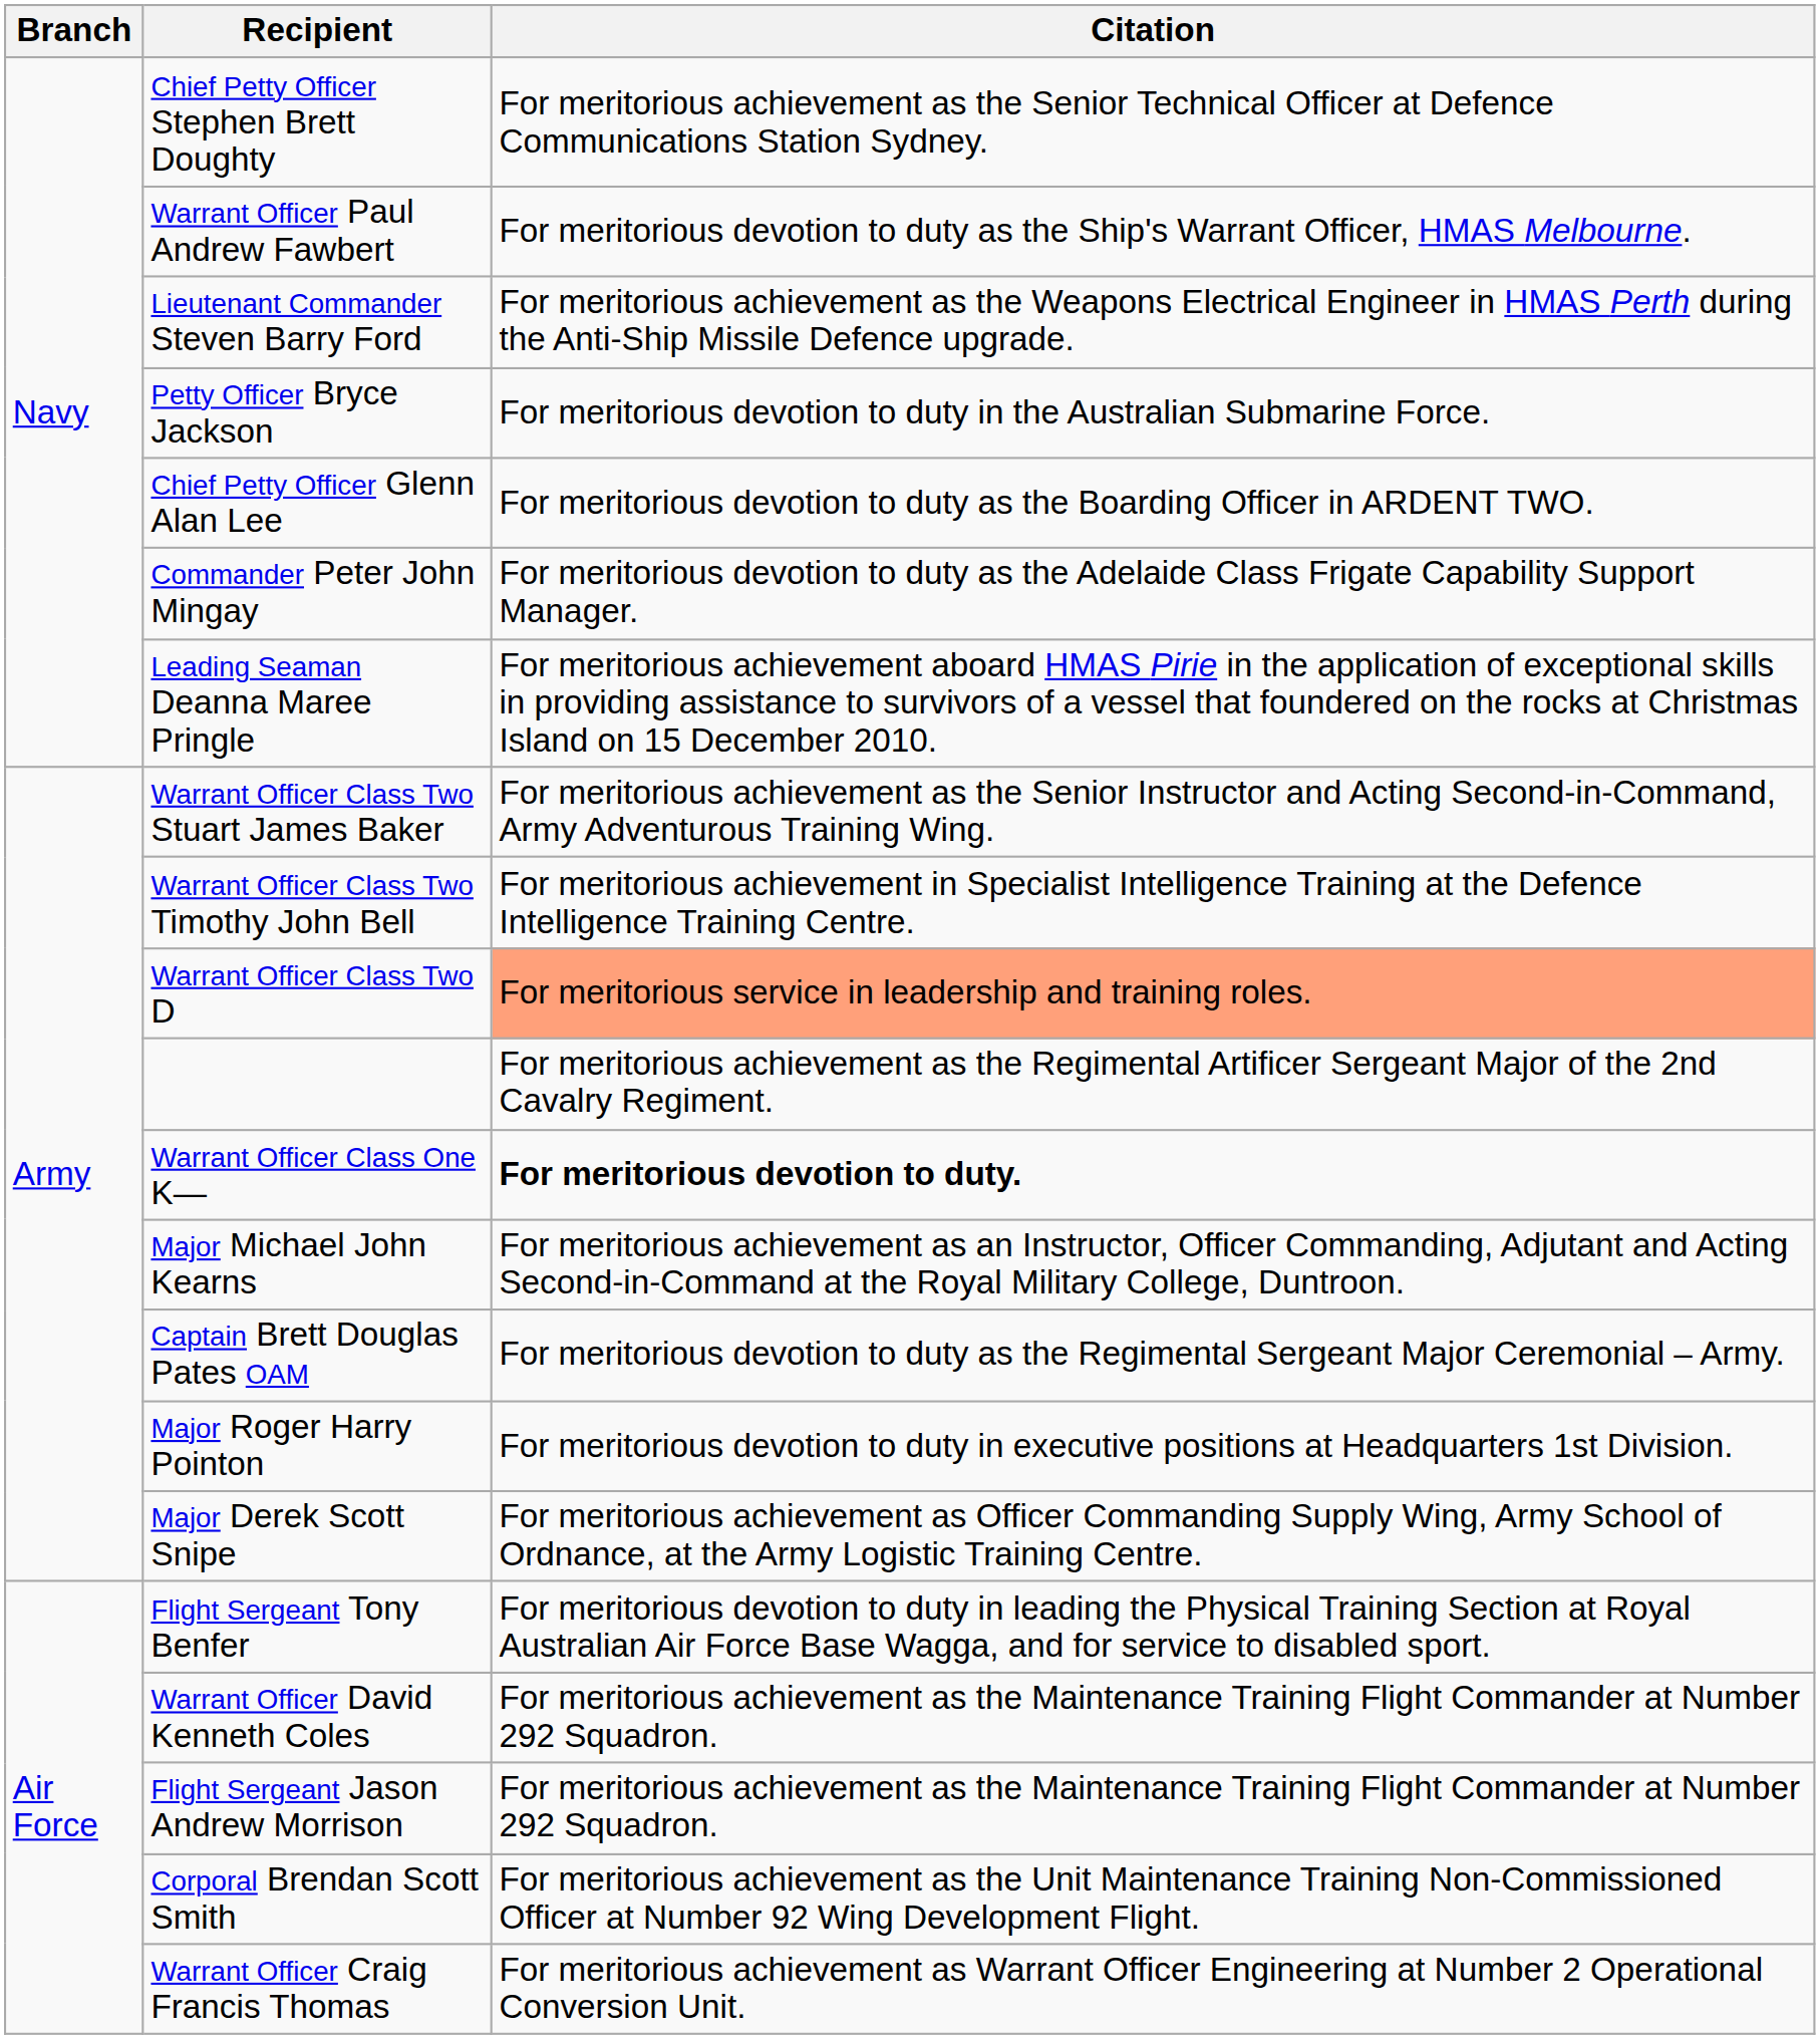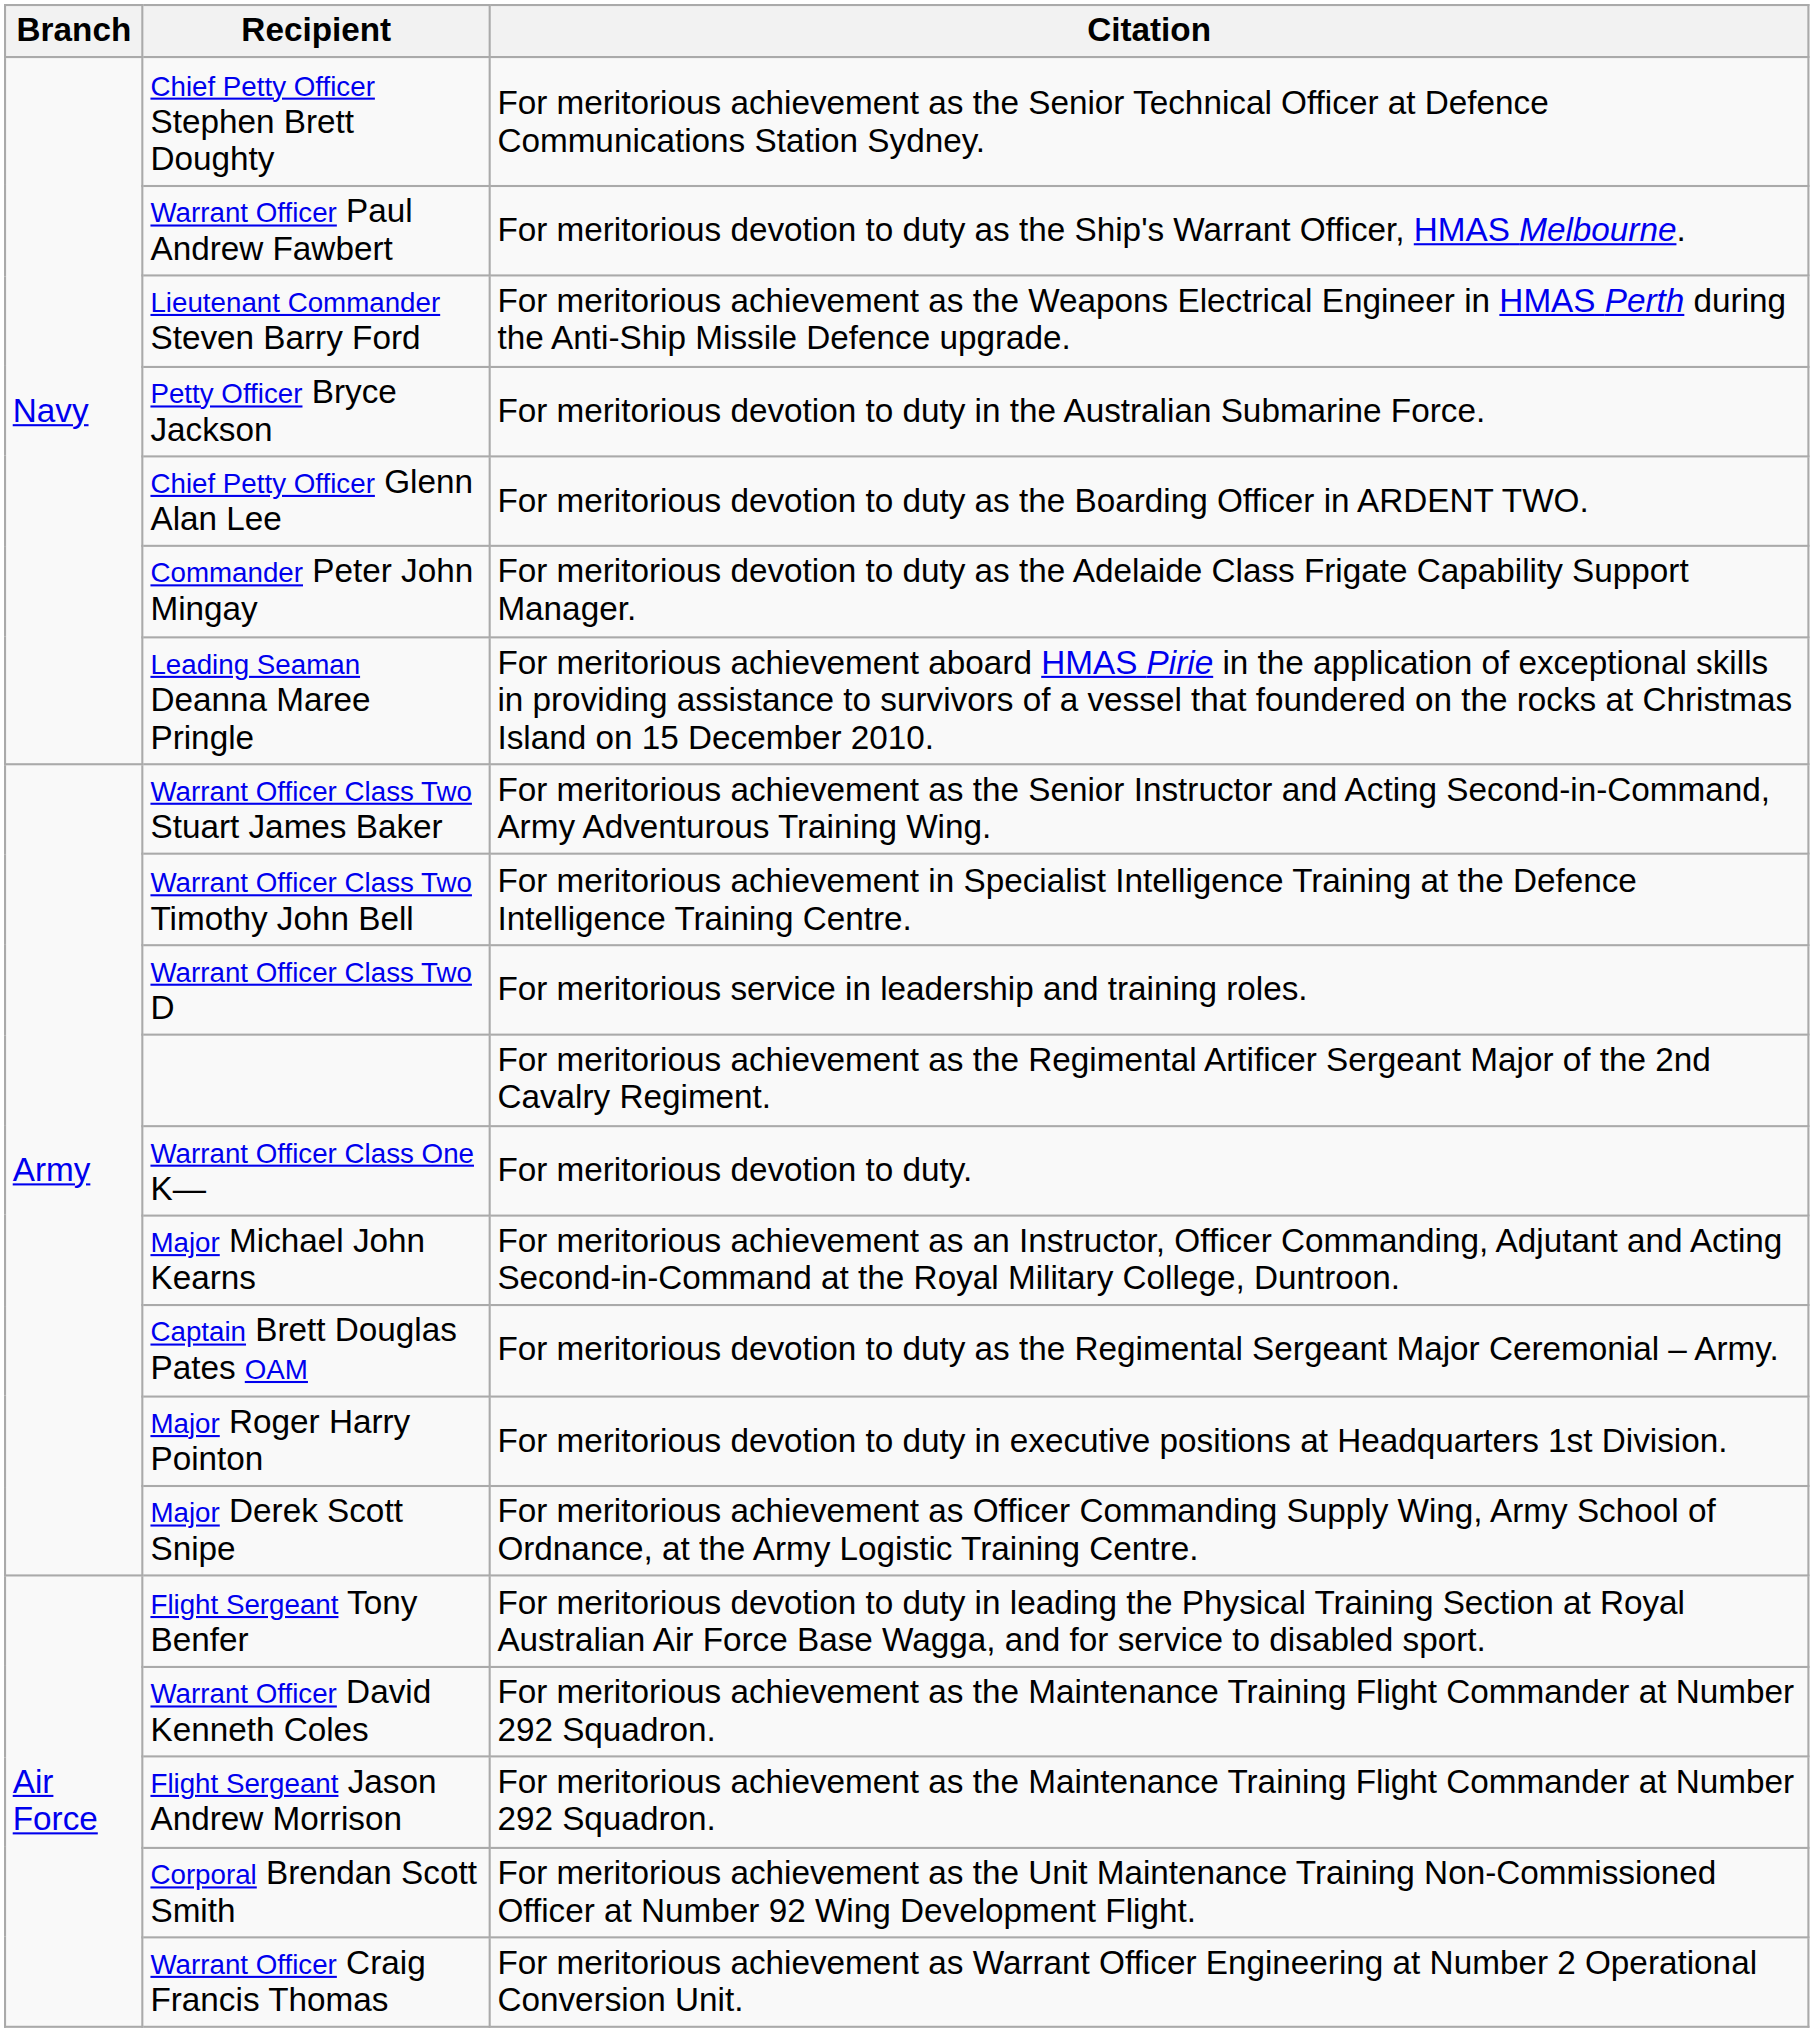 <table class=wikitable>
 <tr>
 <th>Branch</th>
 <th>Recipient</th>
 <th>Citation</th>
 </tr>
 <tr>
 <td rowspan="7"><a href='#'>Navy</a></td>
 <td><small><a href='#'>Chief Petty Officer</a></small> Stephen Brett Doughty</td>
 <td>For meritorious achievement as the Senior Technical Officer at Defence Communications Station Sydney.</td>
 </tr>
 <tr>
 <td><small><a href='#'>Warrant Officer</a></small> Paul Andrew Fawbert</td>
 <td>For meritorious devotion to duty as the Ship's Warrant Officer, <a href='#'>HMAS <em>Melbourne</em></a>.</td>
 </tr>
 <tr>
 <td><small><a href='#'>Lieutenant Commander</a></small>  Steven Barry Ford</td>
 <td>For meritorious achievement as the Weapons Electrical Engineer in <a href='#'>HMAS <em>Perth</em></a> during the Anti-Ship Missile Defence upgrade.</td>
 </tr>
 <tr>
 <td><small><a href='#'>Petty Officer</a></small>  Bryce Jackson</td>
 <td>For meritorious devotion to duty in the Australian Submarine Force.</td>
 </tr>
 <tr>
 <td><small><a href='#'>Chief Petty Officer</a></small>  Glenn Alan Lee</td>
 <td>For meritorious devotion to duty as the Boarding Officer in ARDENT TWO.</td>
 </tr>
 <tr>
 <td><small><a href='#'>Commander</a></small>  Peter John Mingay</td>
 <td>For meritorious devotion to duty as the Adelaide Class Frigate Capability Support Manager.</td>
 </tr>
 <tr>
 <td><small><a href='#'>Leading Seaman</a></small> Deanna Maree Pringle</td>
 <td>For meritorious achievement aboard <a href='#'>HMAS <em>Pirie</em></a> in the application of exceptional skills in providing assistance to survivors of a vessel that foundered on the rocks at Christmas Island on 15 December 2010.</td>
 </tr>
 <tr>
 <td rowspan="9"><a href='#'>Army</a></td>
 <td><small><a href='#'>Warrant Officer Class Two</a></small> Stuart James Baker</td>
 <td>For meritorious achievement as the Senior Instructor and Acting Second-in-Command, Army Adventurous Training Wing.</td>
 </tr>
 <tr>
 <td><small><a href='#'>Warrant Officer Class Two</a></small> Timothy John Bell</td>
 <td>For meritorious achievement in Specialist Intelligence Training at the Defence Intelligence Training Centre.</td>
 </tr>
 <tr>
 <td><small><a href='#'>Warrant Officer Class Two</a></small> D </td>
-<td style="background: lightsalmon;">For meritorious service in leadership and training roles.</td>
+<td>For meritorious service in leadership and training roles.</td>
 </tr>
 <tr>
 <td></td>
 <td>For meritorious achievement as the Regimental Artificer Sergeant Major of the 2nd Cavalry Regiment.</td>
 </tr>
 <tr>
 <td><small><a href='#'>Warrant Officer Class One</a></small> K—</td>
-<td><strong>For meritorious devotion to duty.</strong></td>
+<td>For meritorious devotion to duty.</td>
 </tr>
 <tr>
 <td><small><a href='#'>Major</a></small> Michael John Kearns</td>
 <td>For meritorious achievement as an Instructor, Officer Commanding, Adjutant and Acting Second-in-Command at the Royal Military College, Duntroon.</td>
 </tr>
 <tr>
 <td><small><a href='#'>Captain</a></small> Brett Douglas Pates <small><a href='#'>OAM</a></small></td>
 <td>For meritorious devotion to duty as the Regimental Sergeant Major Ceremonial – Army.</td>
 </tr>
 <tr>
 <td><small><a href='#'>Major</a></small> Roger Harry Pointon</td>
 <td>For meritorious devotion to duty in executive positions at Headquarters 1st Division.</td>
 </tr>
 <tr>
 <td><small><a href='#'>Major</a></small> Derek Scott Snipe</td>
 <td>For meritorious achievement as Officer Commanding Supply Wing, Army School of Ordnance, at the Army Logistic Training Centre.</td>
 </tr>
 <tr>
 <td rowspan="5"><a href='#'>Air Force</a></td>
 <td><small><a href='#'>Flight Sergeant</a></small> Tony Benfer</td>
 <td>For meritorious devotion to duty in leading the Physical Training Section at Royal Australian Air Force Base Wagga, and for service to disabled sport.</td>
 </tr>
 <tr>
 <td><small><a href='#'>Warrant Officer</a></small> David Kenneth Coles</td>
 <td>For meritorious achievement as the Maintenance Training Flight Commander at Number 292 Squadron.</td>
 </tr>
 <tr>
 <td><small><a href='#'>Flight Sergeant</a></small> Jason Andrew Morrison</td>
 <td>For meritorious achievement as the Maintenance Training Flight Commander at Number 292 Squadron.</td>
 </tr>
 <tr>
 <td><small><a href='#'>Corporal</a></small> Brendan Scott Smith</td>
 <td>For meritorious achievement as the Unit Maintenance Training Non-Commissioned Officer at Number 92 Wing Development Flight.</td>
 </tr>
 <tr>
 <td><small><a href='#'>Warrant Officer</a></small> Craig Francis Thomas</td>
 <td>For meritorious achievement as Warrant Officer Engineering at Number 2 Operational Conversion Unit.</td>
 </tr>
 </table>
